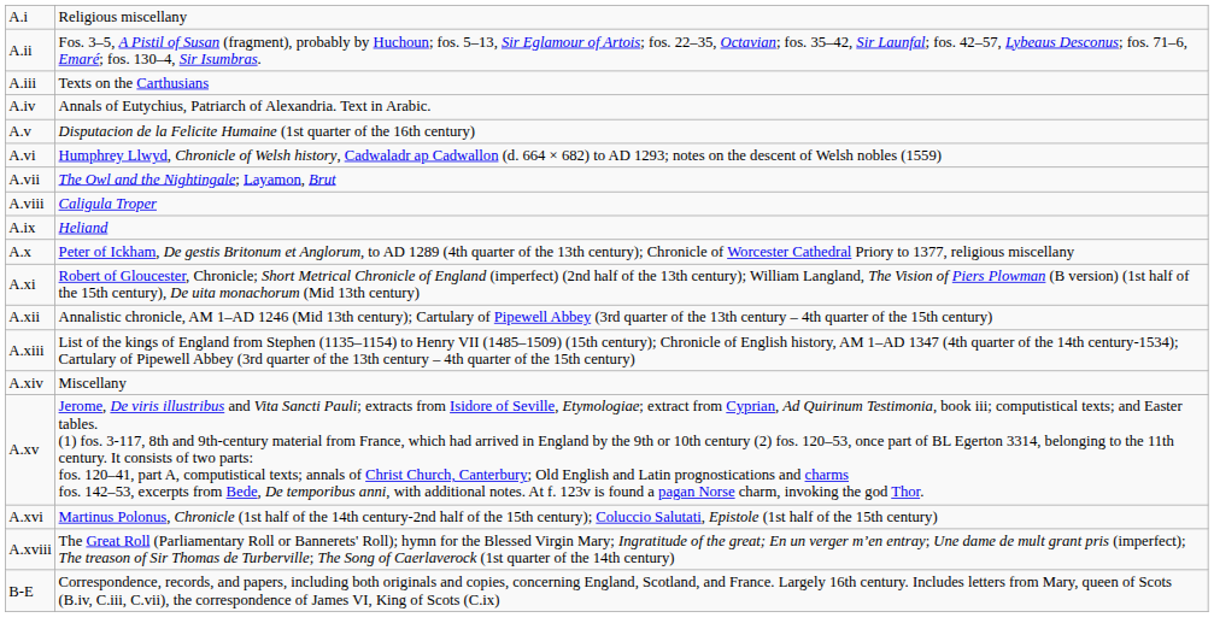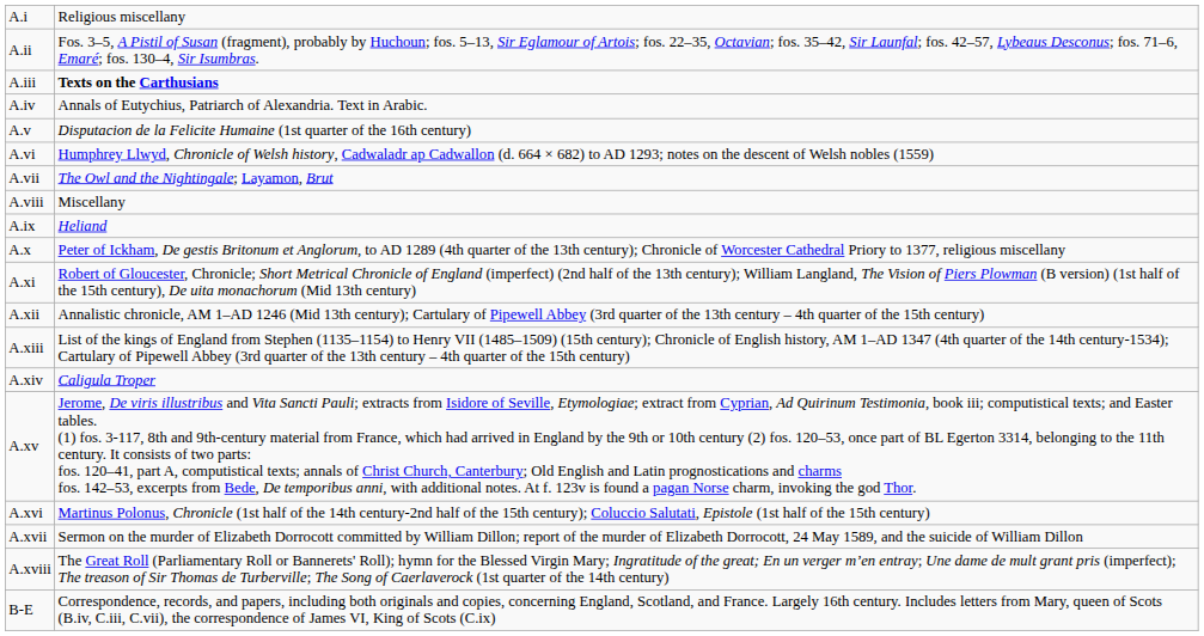 <table class="wikitable" style="width:100%">
 <tr>
 <td>A.i</td>
 <td>Religious miscellany</td>
 </tr>
 <tr>
 <td width="4%">A.ii</td>
 <td width="96%">Fos. 3–5, <em><a href='#'>A Pistil of Susan</a></em> (fragment), probably by <a href='#'>Huchoun</a>; fos. 5–13, <em><a href='#'>Sir Eglamour of Artois</a></em>; fos. 22–35, <em><a href='#'>Octavian</a></em>; fos. 35–42, <em><a href='#'>Sir Launfal</a></em>; fos. 42–57, <em><a href='#'>Lybeaus Desconus</a></em>; fos. 71–6, <em><a href='#'>Emaré</a></em>; fos. 130–4, <em><a href='#'>Sir Isumbras</a></em>.</td>
 </tr>
 <tr>
 <td>A.iii</td>
-<td>Texts on the <a href='#'>Carthusians</a></td>
+<td><strong>Texts on the <a href='#'>Carthusians</a></strong></td>
 </tr>
 <tr>
 <td>A.iv</td>
 <td>Annals of Eutychius, Patriarch of Alexandria. Text in Arabic.</td>
 </tr>
 <tr>
 <td>A.v</td>
 <td><em>Disputacion de la Felicite Humaine</em> (1st quarter of the 16th century)</td>
 </tr>
 <tr>
 <td>A.vi</td>
 <td><a href='#'>Humphrey Llwyd</a>, <em>Chronicle of Welsh history</em>, <a href='#'>Cadwaladr ap Cadwallon</a> (d. 664 × 682) to AD 1293; notes on the descent of Welsh nobles (1559)</td>
 </tr>
 <tr>
 <td>A.vii</td>
 <td><em><a href='#'>The Owl and the Nightingale</a></em>; <a href='#'>Layamon</a>, <em><a href='#'>Brut</a></em></td>
 </tr>
 <tr>
 <td>A.viii</td>
-<td><em><a href='#'>Caligula Troper</a></em></td>
+<td>Miscellany</td>
 </tr>
 <tr>
 <td>A.ix</td>
 <td><em><a href='#'>Heliand</a></em></td>
 </tr>
 <tr>
 <td>A.x</td>
 <td><a href='#'>Peter of Ickham</a>, <em>De gestis Britonum et Anglorum</em>, to AD 1289 (4th quarter of the 13th century); Chronicle of <a href='#'>Worcester Cathedral</a> Priory to 1377, religious miscellany</td>
 </tr>
 <tr>
 <td>A.xi</td>
 <td><a href='#'>Robert of Gloucester</a>, Chronicle; <em>Short Metrical Chronicle of England</em> (imperfect) (2nd half of the 13th century); William Langland, <em>The Vision of <a href='#'>Piers Plowman</a></em> (B version) (1st half of the 15th century), <em>De uita monachorum </em>(Mid 13th century)</td>
 </tr>
 <tr>
 <td>A.xii</td>
 <td>Annalistic chronicle, AM 1–AD 1246 (Mid 13th century); Cartulary of <a href='#'>Pipewell Abbey</a> (3rd quarter of the 13th century – 4th quarter of the 15th century)</td>
 </tr>
 <tr>
 <td>A.xiii</td>
 <td>List of the kings of England from Stephen (1135–1154) to Henry VII (1485–1509) (15th century); Chronicle of English history, AM 1–AD 1347 (4th quarter of the 14th century-1534); Cartulary of Pipewell Abbey (3rd quarter of the 13th century – 4th quarter of the 15th century)</td>
 </tr>
 <tr>
 <td>A.xiv</td>
-<td>Miscellany</td>
+<td><em><a href='#'>Caligula Troper</a></em></td>
 </tr>
 <tr>
 <td>A.xv</td>
 <td><a href='#'>Jerome</a>, <a href='#'><em>De viris illustribus</em></a> and <em>Vita Sancti Pauli</em>; extracts from <a href='#'>Isidore of Seville</a>, <em>Etymologiae</em>; extract from <a href='#'>Cyprian</a>, <em>Ad Quirinum Testimonia</em>, book iii; computistical texts; and Easter tables.<br>(1) fos. 3-117, 8th and 9th-century material from France, which had arrived in England by the 9th or 10th century  (2) fos. 120–53, once part of BL Egerton 3314, belonging to the 11th century. It consists of two parts:<br> fos. 120–41, part A, computistical texts; annals of <a href='#'>Christ Church, Canterbury</a>; Old English and Latin prognostications and <a href='#'>charms</a><br> fos. 142–53, excerpts from <a href='#'>Bede</a>, <em>De temporibus anni</em>, with additional notes. At f. 123v is found a <a href='#'>pagan Norse</a> charm, invoking the god <a href='#'>Thor</a>.</td>
 </tr>
 <tr>
 <td>A.xvi</td>
 <td><a href='#'>Martinus Polonus</a>, <em>Chronicle</em> (1st half of the 14th century-2nd half of the 15th century); <a href='#'>Coluccio Salutati</a>, <em>Epistole</em> (1st half of the 15th century)</td>
 </tr>
 <tr>
+<td>A.xvii</td>
+<td>Sermon on the murder of Elizabeth Dorrocott committed by William Dillon; report of the murder of Elizabeth Dorrocott, 24 May 1589, and the suicide of William Dillon</td>
+</tr>
+<tr>
 <td>A.xviii</td>
 <td>The <a href='#'>Great Roll</a> (Parliamentary Roll or Bannerets' Roll); hymn for the Blessed Virgin Mary; <em>Ingratitude of the great; En un verger m’en entray</em>; <em>Une dame de mult grant pris</em> (imperfect); <em>The treason of Sir Thomas de Turberville</em>; <em>The Song of Caerlaverock</em> (1st quarter of the 14th century)</td>
 </tr>
 <tr>
 <td>B-E</td>
 <td>Correspondence, records, and papers, including both originals and copies, concerning England, Scotland, and France. Largely 16th century. Includes letters from Mary, queen of Scots (B.iv, C.iii, C.vii), the correspondence of James VI, King of Scots (C.ix)</td>
 </tr>
 </table>
